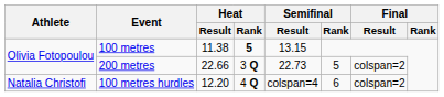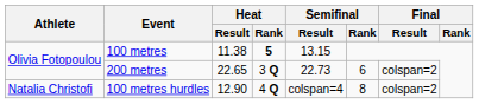 <table class="wikitable" style="font-size:90%">
 <tr>
 <th rowspan="2">Athlete</th>
 <th rowspan="2">Event</th>
 <th colspan="2">Heat</th>
 <th colspan="2">Semifinal</th>
 <th colspan="2">Final</th>
 </tr>
 <tr style="font-size:95%">
 <th>Result</th>
 <th>Rank</th>
 <th>Result</th>
 <th>Rank</th>
 <th>Result</th>
 <th>Rank</th>
 </tr>
 <tr align=center>
 <td rowspan=2 align=left><a href='#'>Olivia Fotopoulou</a></td>
 <td align=left><a href='#'>100 metres</a></td>
 <td>11.38</td>
 <td><strong>5</strong></td>
 <td>13.15</td>
 </tr>
 <tr align=center>
 <td align=left><a href='#'>200 metres</a></td>
-<td>22.66 </td>
+<td>22.65 </td>
 <td>3 <strong>Q</strong></td>
 <td>22.73</td>
-<td>5</td>
+<td>6</td>
 <td>colspan=2 </td>
 </tr>
 <tr align=center>
 <td align=left><a href='#'>Natalia Christofi</a></td>
 <td align=left><a href='#'>100 metres hurdles</a></td>
-<td>12.20</td>
+<td>12.90</td>
 <td>4 <strong>Q</strong></td>
 <td>colspan=4 </td>
-<td>6</td>
+<td>8</td>
 <td>colspan=2 </td>
 </tr>
 </table>
